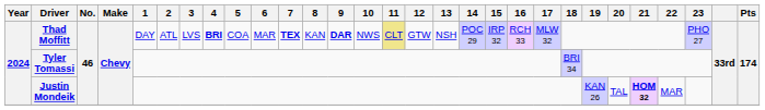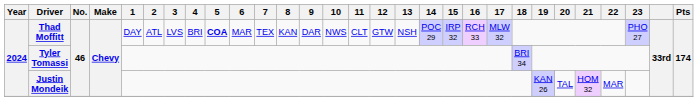 <table class="wikitable" style="text-align:center; font-size:75%">
 <tr>
 <th>Year</th>
 <th>Driver</th>
 <th>No.</th>
 <th>Make</th>
 <th>1</th>
 <th>2</th>
 <th>3</th>
 <th>4</th>
 <th>5</th>
 <th>6</th>
 <th>7</th>
 <th>8</th>
 <th>9</th>
 <th>10</th>
 <th>11</th>
 <th>12</th>
 <th>13</th>
 <th>14</th>
 <th>15</th>
 <th>16</th>
 <th>17</th>
 <th>18</th>
 <th>19</th>
 <th>20</th>
 <th>21</th>
 <th>22</th>
 <th>23</th>
 <th></th>
 <th>Pts</th>
 </tr>
 <tr>
 <th rowspan="3"><a href='#'>2024</a></th>
 <th><a href='#'>Thad Moffitt</a></th>
 <th rowspan="3">46</th>
 <th rowspan="3"><a href='#'>Chevy</a></th>
 <td><a href='#'>DAY</a></td>
 <td><a href='#'>ATL</a></td>
 <td><a href='#'>LVS</a></td>
-<td><strong><a href='#'>BRI</a></strong></td>
-<td><a href='#'>COA</a></td>
+<td><a href='#'>BRI</a></td>
+<td><strong><a href='#'>COA</a></strong></td>
 <td><a href='#'>MAR</a></td>
-<td><strong><a href='#'>TEX</a></strong></td>
+<td><a href='#'>TEX</a></td>
 <td><a href='#'>KAN</a></td>
-<td><strong><a href='#'>DAR</a></strong></td>
+<td><a href='#'>DAR</a></td>
 <td><a href='#'>NWS</a></td>
-<td style="background: khaki;"><a href='#'>CLT</a></td>
+<td><a href='#'>CLT</a></td>
 <td><a href='#'>GTW</a></td>
 <td><a href='#'>NSH</a></td>
 <td style="background:#CFCFFF;"><a href='#'>POC</a><br><small>29</small></td>
 <td style="background:#CFCFFF;"><a href='#'>IRP</a><br><small>32</small></td>
 <td style="background:#EFCFFF;"><a href='#'>RCH</a><br><small>33</small></td>
 <td style="background:#CFCFFF;"><a href='#'>MLW</a><br><small>32</small></td>
 <td colspan="5"></td>
 <td style="background:#CFCFFF;"><a href='#'>PHO</a><br><small>27</small></td>
 <th rowspan="3">33rd</th>
 <th rowspan="3">174</th>
 </tr>
 <tr>
 <th><a href='#'>Tyler Tomassi</a></th>
 <td colspan="17"></td>
 <td style="background:#CFCFFF;"><a href='#'>BRI</a><br><small>34</small></td>
 <td colspan="5"></td>
 </tr>
 <tr>
 <th><a href='#'>Justin Mondeik</a></th>
 <td colspan="18"></td>
 <td style="background:#CFCFFF;"><a href='#'>KAN</a><br><small>26</small></td>
 <td><a href='#'>TAL</a></td>
-<td style="background:#EFCFFF;"><strong><a href='#'>HOM</a><br><small>32</small></strong></td>
+<td style="background:#EFCFFF;"><a href='#'>HOM</a><br><small>32</small></td>
 <td><a href='#'>MAR</a></td>
 <td></td>
 </tr>
 <tr>
 </tr>
 </table>
